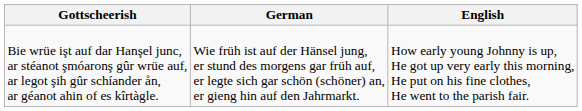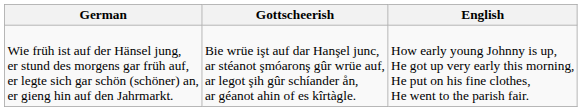 <table class="wikitable">
 <tr>
+<th>German</th>
 <th>Gottscheerish</th>
-<th>German</th>
 <th>English</th>
 </tr>
 <tr>
+<td><br>Wie früh ist auf der Hänsel jung,<br> er stund des morgens gar früh auf,<br> er legte sich gar schön (schöner) an,<br> er gieng hin auf den Jahrmarkt.<br></td>
 <td><br>Bie wrüe işt auf dar Hanşel junc,<br> ar stéanot şmóaronş gûr wrüe auf,<br> ar legot şih gûr schíander ån,<br> ar géanot ahin of es kîrtàgle.<br></td>
-<td><br>Wie früh ist auf der Hänsel jung,<br> er stund des morgens gar früh auf,<br> er legte sich gar schön (schöner) an,<br> er gieng hin auf den Jahrmarkt.<br></td>
 <td><br>How early young Johnny is up,<br> He got up very early this morning,<br> He put on his fine clothes,<br> He went to the parish fair.<br></td>
 </tr>
 </table>
